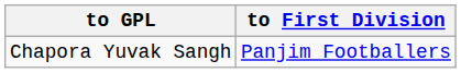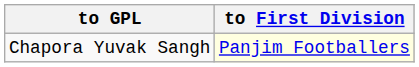 <table class="wikitable">
 <tr>
 <th> to GPL</th>
 <th> to <a href='#'>First Division</a></th>
 </tr>
 <tr>
 <td>Chapora Yuvak Sangh <br></td>
-<td><a href='#'>Panjim Footballers</a> <br></td>
+<td style="background: lightyellow;"><a href='#'>Panjim Footballers</a> <br></td>
 </tr>
 </table>
